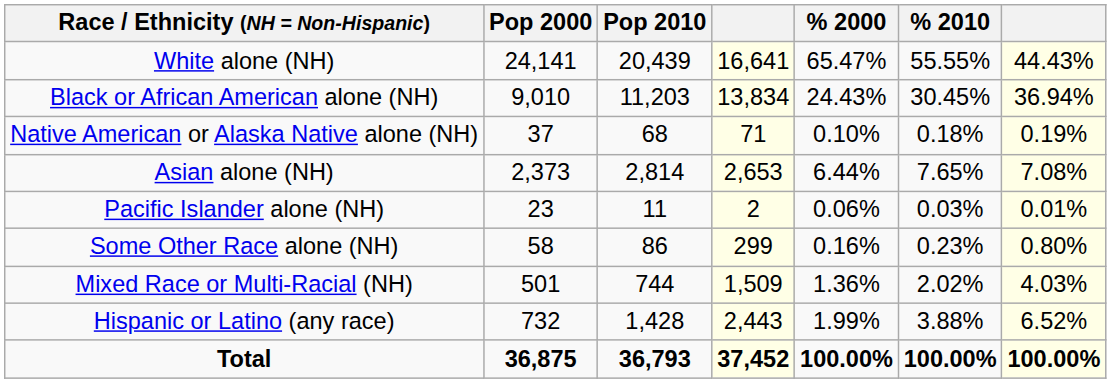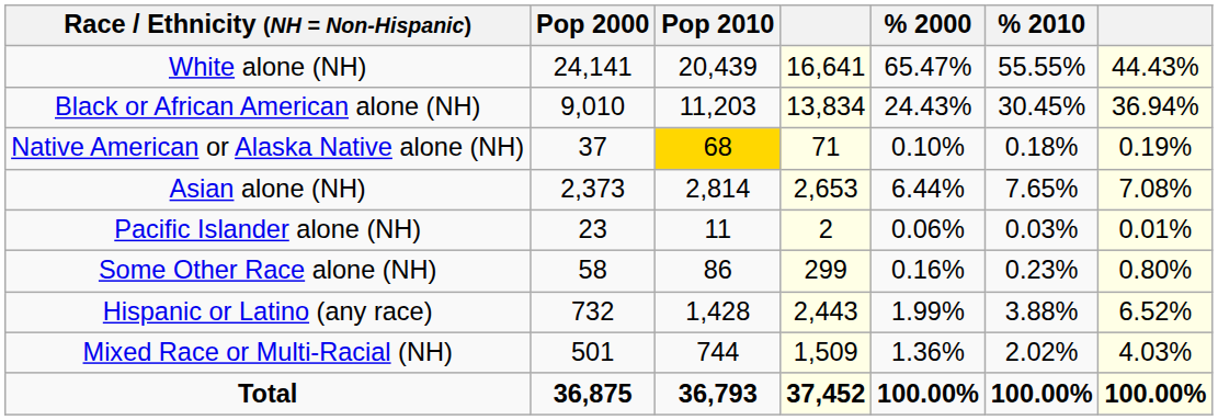 <table class="wikitable" style="text-align:center;">
 <tr>
 <th>Race / Ethnicity <small>(<em>NH = Non-Hispanic</em>)</small></th>
 <th>Pop 2000</th>
 <th>Pop 2010</th>
 <th></th>
 <th>% 2000</th>
 <th>% 2010</th>
 <th></th>
 </tr>
 <tr>
 <td><a href='#'>White</a> alone (NH)</td>
 <td>24,141</td>
 <td>20,439</td>
 <td style='background: #ffffe6;'>16,641</td>
 <td>65.47%</td>
 <td>55.55%</td>
 <td style='background: #ffffe6;'>44.43%</td>
 </tr>
 <tr>
 <td><a href='#'>Black or African American</a> alone (NH)</td>
 <td>9,010</td>
 <td>11,203</td>
 <td style='background: #ffffe6;'>13,834</td>
 <td>24.43%</td>
 <td>30.45%</td>
 <td style='background: #ffffe6;'>36.94%</td>
 </tr>
 <tr>
 <td><a href='#'>Native American</a> or <a href='#'>Alaska Native</a> alone (NH)</td>
 <td>37</td>
-<td>68</td>
+<td style="background: gold;">68</td>
 <td style='background: #ffffe6;'>71</td>
 <td>0.10%</td>
 <td>0.18%</td>
 <td style='background: #ffffe6;'>0.19%</td>
 </tr>
 <tr>
 <td><a href='#'>Asian</a> alone (NH)</td>
 <td>2,373</td>
 <td>2,814</td>
 <td style='background: #ffffe6;'>2,653</td>
 <td>6.44%</td>
 <td>7.65%</td>
 <td style='background: #ffffe6;'>7.08%</td>
 </tr>
 <tr>
 <td><a href='#'>Pacific Islander</a> alone (NH)</td>
 <td>23</td>
 <td>11</td>
 <td style='background: #ffffe6;'>2</td>
 <td>0.06%</td>
 <td>0.03%</td>
 <td style='background: #ffffe6;'>0.01%</td>
 </tr>
 <tr>
 <td><a href='#'>Some Other Race</a> alone (NH)</td>
 <td>58</td>
 <td>86</td>
 <td style='background: #ffffe6;'>299</td>
 <td>0.16%</td>
 <td>0.23%</td>
 <td style='background: #ffffe6;'>0.80%</td>
 </tr>
 <tr>
+<td><a href='#'>Hispanic or Latino</a> (any race)</td>
+<td>732</td>
+<td>1,428</td>
+<td style='background: #ffffe6;'>2,443</td>
+<td>1.99%</td>
+<td>3.88%</td>
+<td style='background: #ffffe6;'>6.52%</td>
+</tr>
+<tr>
 <td><a href='#'>Mixed Race or Multi-Racial</a> (NH)</td>
 <td>501</td>
 <td>744</td>
 <td style='background: #ffffe6;'>1,509</td>
 <td>1.36%</td>
 <td>2.02%</td>
 <td style='background: #ffffe6;'>4.03%</td>
-</tr>
-<tr>
-<td><a href='#'>Hispanic or Latino</a> (any race)</td>
-<td>732</td>
-<td>1,428</td>
-<td style='background: #ffffe6;'>2,443</td>
-<td>1.99%</td>
-<td>3.88%</td>
-<td style='background: #ffffe6;'>6.52%</td>
 </tr>
 <tr>
 <td><strong>Total</strong></td>
 <td><strong>36,875</strong></td>
 <td><strong>36,793</strong></td>
 <td style='background: #ffffe6;'><strong>37,452</strong></td>
 <td><strong>100.00%</strong></td>
 <td><strong>100.00%</strong></td>
 <td style='background: #ffffe6;'><strong>100.00%</strong></td>
 </tr>
 </table>
